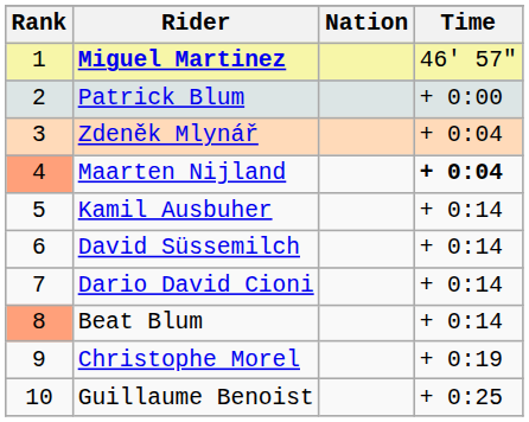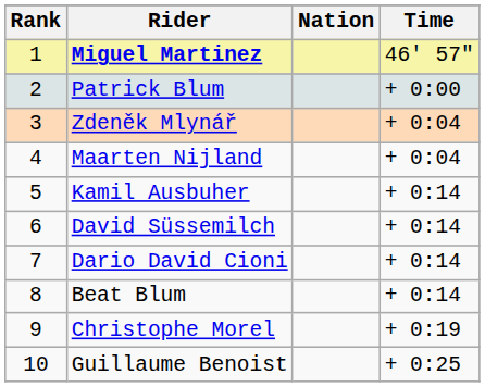 <table class="wikitable" style="font-size:95%;">
 <tr>
 </tr>
 <tr>
 <th>Rank</th>
 <th>Rider</th>
 <th>Nation</th>
 <th>Time</th>
 </tr>
 <tr bgcolor="#F7F6A8">
 <td align="center">1</td>
 <td><strong><a href='#'>Miguel Martinez</a></strong></td>
 <td></td>
 <td>46' 57"</td>
 </tr>
 <tr bgcolor="#DCE5E5">
 <td align="center">2</td>
 <td><a href='#'>Patrick Blum</a></td>
 <td></td>
 <td>+ 0:00</td>
 </tr>
 <tr bgcolor="#FFDAB9">
 <td align="center">3</td>
 <td><a href='#'>Zdeněk Mlynář</a></td>
 <td></td>
 <td>+ 0:04</td>
 </tr>
 <tr>
-<td align="center" style="background: lightsalmon;">4</td>
+<td align="center">4</td>
 <td><a href='#'>Maarten Nijland</a></td>
 <td></td>
-<td><strong>+ 0:04</strong></td>
+<td>+ 0:04</td>
 </tr>
 <tr>
 <td align="center">5</td>
 <td><a href='#'>Kamil Ausbuher</a></td>
 <td></td>
 <td>+ 0:14</td>
 </tr>
 <tr>
 <td align="center">6</td>
 <td><a href='#'>David Süssemilch</a></td>
 <td></td>
 <td>+ 0:14</td>
 </tr>
 <tr>
 <td align="center">7</td>
 <td><a href='#'>Dario David Cioni</a></td>
 <td></td>
 <td>+ 0:14</td>
 </tr>
 <tr>
-<td align="center" style="background: lightsalmon;">8</td>
+<td align="center">8</td>
 <td>Beat Blum</td>
 <td></td>
 <td>+ 0:14</td>
 </tr>
 <tr>
 <td align="center">9</td>
 <td><a href='#'>Christophe Morel</a></td>
 <td></td>
 <td>+ 0:19</td>
 </tr>
 <tr>
 <td align="center">10</td>
 <td>Guillaume Benoist</td>
 <td></td>
 <td>+ 0:25</td>
 </tr>
 </table>
